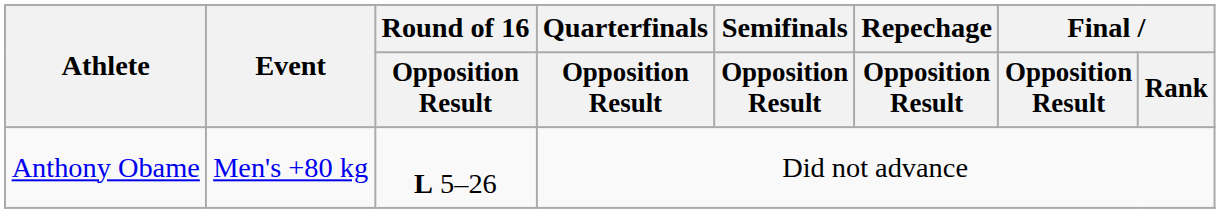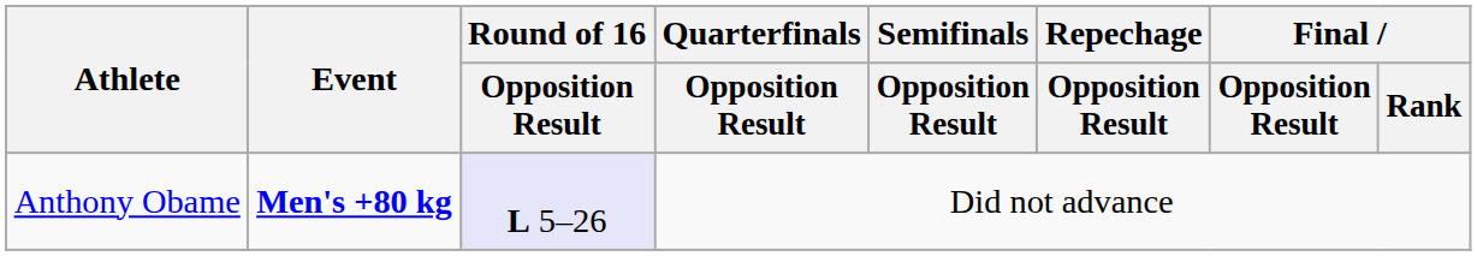 <table class="wikitable" style="font-size:90%;">
 <tr>
 <th rowspan=2>Athlete</th>
 <th rowspan=2>Event</th>
 <th>Round of 16</th>
 <th>Quarterfinals</th>
 <th>Semifinals</th>
 <th>Repechage</th>
 <th colspan=2>Final / </th>
 </tr>
 <tr style="font-size:95%">
 <th>Opposition<br>Result</th>
 <th>Opposition<br>Result</th>
 <th>Opposition<br>Result</th>
 <th>Opposition<br>Result</th>
 <th>Opposition<br>Result</th>
 <th>Rank</th>
 </tr>
 <tr align=center>
 <td align=left><a href='#'>Anthony Obame</a></td>
-<td align=left><a href='#'>Men's +80 kg</a></td>
-<td><br><strong>L</strong> 5–26 </td>
+<td align=left><strong><a href='#'>Men's +80 kg</a></strong></td>
+<td style="background: lavender;"><br><strong>L</strong> 5–26 </td>
 <td colspan=5>Did not advance</td>
 </tr>
 </table>
